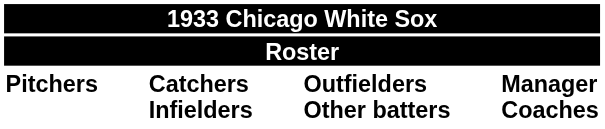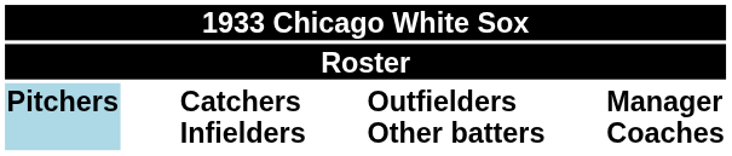 <table class="toccolours" style="font-size: 95%;">
 <tr>
 <th colspan="10" style="background-color: black; color: white; text-align: center;">1933 Chicago White Sox</th>
 </tr>
 <tr>
 <td colspan="10" style="background-color: black; color: white; text-align: center;"><strong>Roster</strong></td>
 </tr>
 <tr>
-<td valign="top"><strong>Pitchers</strong><br>              </td>
+<td valign="top" style="background: lightblue;"><strong>Pitchers</strong><br>              </td>
 <td width="25px"></td>
 <td valign="top"><strong>Catchers</strong><br>  <strong>Infielders</strong>        </td>
 <td width="25px"></td>
 <td valign="top"><strong>Outfielders</strong><br>       <strong>Other batters</strong> </td>
 <td width="25px"></td>
 <td valign="top"><strong>Manager</strong><br> <strong>Coaches</strong> </td>
 </tr>
 </table>
